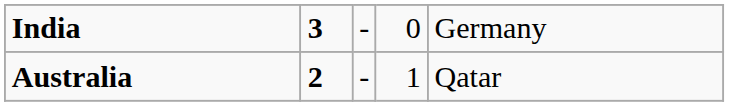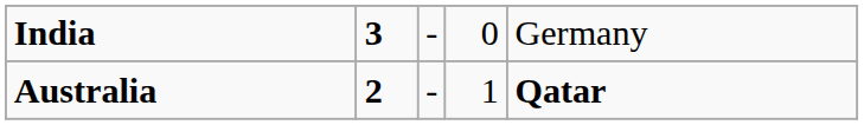 <table class="wikitable">
 <tr>
 <td width=150> <strong>India</strong></td>
 <td style="width:20px; text-align:left;"><strong>3</strong></td>
 <td>-</td>
 <td style="width:20px; text-align:right;">0</td>
 <td width=150> Germany</td>
 </tr>
 <tr>
 <td> <strong>Australia</strong></td>
 <td style="text-align:left;"><strong>2</strong></td>
 <td>-</td>
 <td style="text-align:right;">1</td>
-<td> Qatar</td>
+<td><strong> Qatar</strong></td>
 </tr>
 </table>
